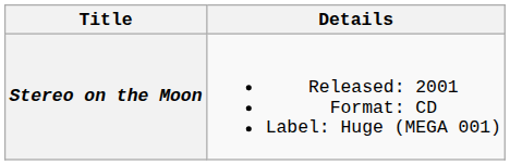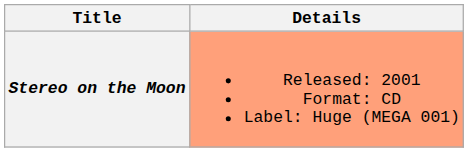 <table class="wikitable plainrowheaders" style="text-align:center;" border="1">
 <tr>
 <th>Title</th>
 <th>Details</th>
 </tr>
 <tr>
 <th scope="row"><em>Stereo on the Moon</em></th>
-<td><br><ul><li>Released: 2001</li><li>Format: CD</li><li>Label: Huge (MEGA 001)</li></ul></td>
+<td style="background: lightsalmon;"><br><ul><li>Released: 2001</li><li>Format: CD</li><li>Label: Huge (MEGA 001)</li></ul></td>
 </tr>
 </table>
